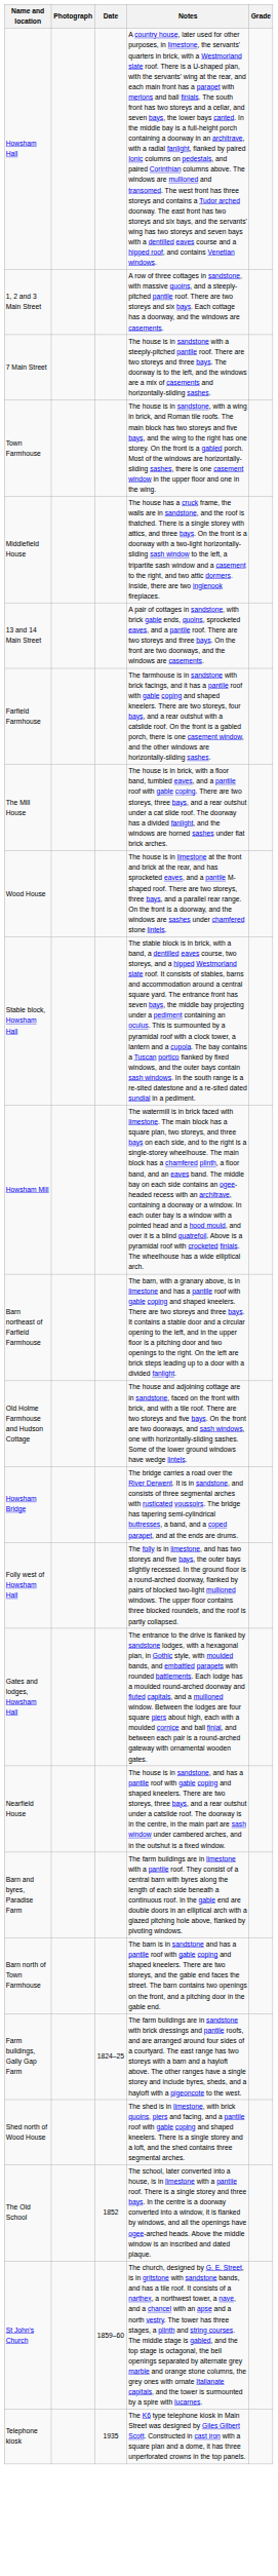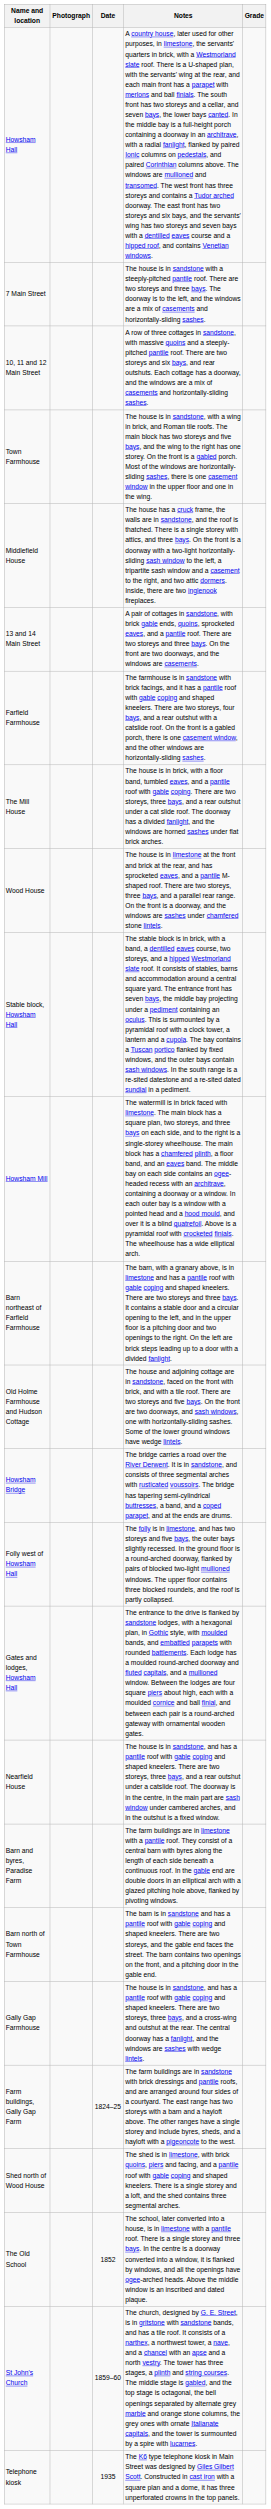 <table class="wikitable sortable plainrowheaders" style="width:100%; border:0px; text-align:left; line-height:150%">
 <tr>
 <th scope="col" style="width:150px">Name and location</th>
 <th scope="col" style="width:100px" class="unsortable">Photograph</th>
 <th scope="col" style="width:120px">Date</th>
 <th scope="col" style="width:650px" class="unsortable">Notes</th>
 <th scope="col" style="width:50px">Grade</th>
 </tr>
 <tr>
 <td><a href='#'>Howsham Hall</a><br><small></small></td>
 <td></td>
 <td align="center"></td>
 <td>A <a href='#'>country house</a>, later used for other purposes, in <a href='#'>limestone</a>, the servants' quarters in brick, with a <a href='#'>Westmorland</a> <a href='#'>slate</a> roof. There is a U-shaped plan, with the servants' wing at the rear, and each main front has a <a href='#'>parapet</a> with <a href='#'>merlons</a> and ball <a href='#'>finials</a>. The south front has two storeys and a cellar, and seven <a href='#'>bays</a>, the lower bays <a href='#'>canted</a>. In the middle bay is a full-height porch containing a doorway in an <a href='#'>architrave</a>, with a radial <a href='#'>fanlight</a>, flanked by paired <a href='#'>Ionic</a> columns on <a href='#'>pedestals</a>, and paired <a href='#'>Corinthian</a> columns above. The windows are <a href='#'>mullioned</a> and <a href='#'>transomed</a>. The west front has three storeys and contains a <a href='#'>Tudor arched</a> doorway. The east front has two storeys and six bays, and the servants' wing has two storeys and seven bays with a <a href='#'>dentilled</a> <a href='#'>eaves</a> course and a <a href='#'>hipped roof</a>, and contains <a href='#'>Venetian windows</a>.</td>
 <td align="center" ></td>
 </tr>
 <tr>
-<td>1, 2 and 3 Main Street<br><small></small></td>
-<td></td>
-<td align="center"></td>
-<td>A row of three cottages in <a href='#'>sandstone</a>, with massive <a href='#'>quoins</a>, and a steeply-pitched <a href='#'>pantile</a> roof. There are two storeys and six <a href='#'>bays</a>. Each cottage has a doorway, and the windows are <a href='#'>casements</a>.</td>
-<td align="center" ></td>
-</tr>
-<tr>
 <td>7 Main Street<br><small></small></td>
 <td></td>
 <td align="center"></td>
 <td>The house is in <a href='#'>sandstone</a> with a steeply-pitched <a href='#'>pantile</a> roof. There are two storeys and three <a href='#'>bays</a>. The doorway is to the left, and the windows are a mix of <a href='#'>casements</a> and horizontally-sliding <a href='#'>sashes</a>.</td>
+<td align="center" ></td>
+</tr>
+<tr>
+<td>10, 11 and 12 Main Street<br><small></small></td>
+<td></td>
+<td align="center"></td>
+<td>A row of three cottages in <a href='#'>sandstone</a>, with massive <a href='#'>quoins</a> and a steeply-pitched <a href='#'>pantile</a> roof. There are two storeys and six <a href='#'>bays</a>, and rear outshuts. Each cottage has a doorway, and the windows are a mix of <a href='#'>casements</a> and horizontally-sliding <a href='#'>sashes</a>.</td>
 <td align="center" ></td>
 </tr>
 <tr>
 <td>Town Farmhouse<br><small></small></td>
 <td></td>
 <td align="center"></td>
 <td>The house is in <a href='#'>sandstone</a>, with a wing in brick, and Roman tile roofs. The main block has two storeys and five <a href='#'>bays</a>, and the wing to the right has one storey. On the front is a <a href='#'>gabled</a> porch. Most of the windows are horizontally-sliding <a href='#'>sashes</a>, there is one <a href='#'>casement window</a> in the upper floor and one in the wing.</td>
 <td align="center" ></td>
 </tr>
 <tr>
 <td>Middlefield House<br><small></small></td>
 <td></td>
 <td align="center"></td>
 <td>The house has a <a href='#'>cruck</a> frame, the walls are in <a href='#'>sandstone</a>, and the roof is thatched. There is a single storey with attics, and three <a href='#'>bays</a>. On the front is a doorway with a two-light horizontally-sliding <a href='#'>sash window</a> to the left, a tripartite sash window and a <a href='#'>casement</a> to the right, and two attic <a href='#'>dormers</a>. Inside, there are two <a href='#'>inglenook</a> fireplaces.</td>
 <td align="center" ></td>
 </tr>
 <tr>
 <td>13 and 14 Main Street<br><small></small></td>
 <td></td>
 <td align="center"></td>
 <td>A pair of cottages in <a href='#'>sandstone</a>, with brick <a href='#'>gable</a> ends, <a href='#'>quoins</a>, sprocketed <a href='#'>eaves</a>, and a <a href='#'>pantile</a> roof. There are two storeys and three <a href='#'>bays</a>. On the front are two doorways, and the windows are <a href='#'>casements</a>.</td>
 <td align="center" ></td>
 </tr>
 <tr>
 <td>Farfield Farmhouse<br><small></small></td>
 <td></td>
 <td align="center"></td>
 <td>The farmhouse is in <a href='#'>sandstone</a> with brick facings, and it has a <a href='#'>pantile</a> roof with <a href='#'>gable</a> <a href='#'>coping</a> and shaped kneelers. There are two storeys, four <a href='#'>bays</a>, and a rear outshut with a catslide roof. On the front is a gabled porch, there is one <a href='#'>casement window</a>, and the other windows are horizontally-sliding <a href='#'>sashes</a>.</td>
 <td align="center" ></td>
 </tr>
 <tr>
 <td>The Mill House<br><small></small></td>
 <td></td>
 <td align="center"></td>
 <td>The house is in brick, with a floor band, tumbled <a href='#'>eaves</a>, and a <a href='#'>pantile</a> roof with <a href='#'>gable</a> <a href='#'>coping</a>. There are two storeys, three <a href='#'>bays</a>, and a rear outshut under a cat slide roof. The doorway has a divided <a href='#'>fanlight</a>, and the windows are horned <a href='#'>sashes</a> under flat brick arches.</td>
 <td align="center" ></td>
 </tr>
 <tr>
 <td>Wood House<br><small></small></td>
 <td></td>
 <td align="center"></td>
 <td>The house is in <a href='#'>limestone</a> at the front and brick at the rear, and has sprocketed <a href='#'>eaves</a>, and a <a href='#'>pantile</a> M-shaped roof. There are two storeys, three <a href='#'>bays</a>, and a parallel rear range. On the front is a doorway, and the windows are <a href='#'>sashes</a> under <a href='#'>chamfered</a> stone <a href='#'>lintels</a>.</td>
 <td align="center" ></td>
 </tr>
 <tr>
 <td>Stable block, <a href='#'>Howsham Hall</a><br><small></small></td>
 <td></td>
 <td align="center"></td>
 <td>The stable block is in brick, with a band, a <a href='#'>dentilled</a> <a href='#'>eaves</a> course, two storeys, and a <a href='#'>hipped</a> <a href='#'>Westmorland</a> <a href='#'>slate</a> roof. It consists of stables, barns and accommodation around a central square yard. The entrance front has seven <a href='#'>bays</a>, the middle bay projecting under a <a href='#'>pediment</a> containing an <a href='#'>oculus</a>. This is surmounted by a pyramidal roof with a clock tower, a lantern and a <a href='#'>cupola</a>. The bay contains a <a href='#'>Tuscan</a> <a href='#'>portico</a> flanked by fixed windows, and the outer bays contain <a href='#'>sash windows</a>. In the south range is a re-sited datestone and a re-sited dated <a href='#'>sundial</a> in a pediment.</td>
 <td align="center" ></td>
 </tr>
 <tr>
 <td><a href='#'>Howsham Mill</a><br><small></small></td>
 <td></td>
 <td align="center"></td>
 <td>The watermill is in brick faced with <a href='#'>limestone</a>. The main block has a square plan, two storeys, and three <a href='#'>bays</a> on each side, and to the right is a single-storey wheelhouse. The main block has a <a href='#'>chamfered</a> <a href='#'>plinth</a>, a floor band, and an <a href='#'>eaves</a> band. The middle bay on each side contains an <a href='#'>ogee</a>-headed recess with an <a href='#'>architrave</a>, containing a doorway or a window. In each outer bay is a window with a pointed head and a <a href='#'>hood mould</a>, and over it is a blind <a href='#'>quatrefoil</a>. Above is a pyramidal roof with <a href='#'>crocketed</a> <a href='#'>finials</a>. The wheelhouse has a wide elliptical arch.</td>
 <td align="center" ></td>
 </tr>
 <tr>
 <td>Barn northeast of Farfield Farmhouse<br><small></small></td>
 <td></td>
 <td align="center"></td>
 <td>The barn, with a granary above, is in <a href='#'>limestone</a> and has a <a href='#'>pantile</a> roof with <a href='#'>gable</a> <a href='#'>coping</a> and shaped kneelers. There are two storeys and three <a href='#'>bays</a>. It contains a stable door and a circular opening to the left, and in the upper floor is a pitching door and two openings to the right. On the left are brick steps leading up to a door with a divided <a href='#'>fanlight</a>.</td>
 <td align="center" ></td>
 </tr>
 <tr>
 <td>Old Holme Farmhouse and Hudson Cottage<br><small></small></td>
 <td></td>
 <td align="center"></td>
 <td>The house and adjoining cottage are in <a href='#'>sandstone</a>, faced on the front with brick, and with a tile roof. There are two storeys and five <a href='#'>bays</a>. On the front are two doorways, and <a href='#'>sash windows</a>, one with horizontally-sliding sashes. Some of the lower ground windows have wedge <a href='#'>lintels</a>.</td>
 <td align="center" ></td>
 </tr>
 <tr>
 <td><a href='#'>Howsham Bridge</a><br><small></small></td>
 <td></td>
 <td align="center"></td>
 <td>The bridge carries a road over the <a href='#'>River Derwent</a>. It is in <a href='#'>sandstone</a>, and consists of three segmental arches with <a href='#'>rusticated</a> <a href='#'>voussoirs</a>. The bridge has tapering semi-cylindrical <a href='#'>buttresses</a>, a band, and a <a href='#'>coped</a> <a href='#'>parapet</a>, and at the ends are drums.</td>
 <td align="center" ></td>
 </tr>
 <tr>
 <td>Folly west of <a href='#'>Howsham Hall</a><br><small></small></td>
 <td></td>
 <td align="center"></td>
 <td>The <a href='#'>folly</a> is in <a href='#'>limestone</a>, and has two storeys and five <a href='#'>bays</a>, the outer bays slightly recessed. In the ground floor is a round-arched doorway, flanked by pairs of blocked two-light <a href='#'>mullioned</a> windows. The upper floor contains three blocked roundels, and the roof is partly collapsed.</td>
 <td align="center" ></td>
 </tr>
 <tr>
 <td>Gates and lodges, <a href='#'>Howsham Hall</a><br><small></small></td>
 <td></td>
 <td align="center"></td>
 <td>The entrance to the drive is flanked by <a href='#'>sandstone</a> lodges, with a hexagonal plan, in <a href='#'>Gothic</a> style, with <a href='#'>moulded</a> bands, and <a href='#'>embattled</a> <a href='#'>parapets</a> with rounded <a href='#'>battlements</a>. Each lodge has a moulded round-arched doorway and <a href='#'>fluted</a> <a href='#'>capitals</a>, and a <a href='#'>mullioned</a> window. Between the lodges are four square <a href='#'>piers</a> about  high, each with a moulded <a href='#'>cornice</a> and ball <a href='#'>finial</a>, and between each pair is a round-arched gateway with ornamental wooden gates.</td>
 <td align="center" ></td>
 </tr>
 <tr>
 <td>Nearfield House<br><small></small></td>
 <td></td>
 <td align="center"></td>
 <td>The house is in <a href='#'>sandstone</a>, and has a <a href='#'>pantile</a> roof with <a href='#'>gable</a> <a href='#'>coping</a> and shaped kneelers. There are two storeys, three <a href='#'>bays</a>, and a rear outshut under a catslide roof. The doorway is in the centre, in the main part are <a href='#'>sash window</a> under cambered arches, and in the outshut is a fixed window.</td>
 <td align="center" ></td>
 </tr>
 <tr>
 <td>Barn and byres, Paradise Farm<br><small></small></td>
 <td></td>
 <td align="center"></td>
 <td>The farm buildings are in <a href='#'>limestone</a> with a <a href='#'>pantile</a> roof. They consist of a central barn with byres along the length of each side beneath a continuous roof. In the <a href='#'>gable</a> end are double doors in an elliptical arch with a glazed pitching hole above, flanked by pivoting windows.</td>
 <td align="center" ></td>
 </tr>
 <tr>
 <td>Barn north of Town Farmhouse<br><small></small></td>
 <td></td>
 <td align="center"></td>
 <td>The barn is in <a href='#'>sandstone</a> and has a <a href='#'>pantile</a> roof with <a href='#'>gable</a> <a href='#'>coping</a> and shaped kneelers. There are two storeys, and the gable end faces the street. The barn contains two openings on the front, and a pitching door in the gable end.</td>
 <td align="center" ></td>
 </tr>
 <tr>
+<td>Gally Gap Farmhouse<br><small></small></td>
+<td></td>
+<td align="center"></td>
+<td>The house is in <a href='#'>sandstone</a>, and has a <a href='#'>pantile</a> roof with <a href='#'>gable</a> <a href='#'>coping</a> and shaped kneelers. There are two storeys, three <a href='#'>bays</a>, and a cross-wing and outshut at the rear. The central doorway has a <a href='#'>fanlight</a>, and the windows are <a href='#'>sashes</a> with wedge <a href='#'>lintels</a>.</td>
+<td align="center" ></td>
+</tr>
+<tr>
 <td>Farm buildings, Gally Gap Farm<br><small></small></td>
 <td></td>
 <td align="center">1824–25</td>
 <td>The farm buildings are in <a href='#'>sandstone</a> with brick dressings and <a href='#'>pantile</a> roofs, and are arranged around four sides of a courtyard. The east range has two storeys with a barn and a hayloft above. The other ranges have a single storey and include byres, sheds, and a hayloft with a <a href='#'>pigeoncote</a> to the west.</td>
 <td align="center" ></td>
 </tr>
 <tr>
 <td>Shed north of Wood House<br><small></small></td>
 <td></td>
 <td align="center"></td>
 <td>The shed is in <a href='#'>limestone</a>, with brick <a href='#'>quoins</a>, <a href='#'>piers</a> and facing, and a <a href='#'>pantile</a> roof with <a href='#'>gable</a> <a href='#'>coping</a> and shaped kneelers. There is a single storey and a loft, and the shed contains three segmental arches.</td>
 <td align="center" ></td>
 </tr>
 <tr>
 <td>The Old School<br><small></small></td>
 <td></td>
 <td align="center">1852</td>
 <td>The school, later converted into a house, is in <a href='#'>limestone</a> with a <a href='#'>pantile</a> roof. There is a single storey and three <a href='#'>bays</a>. In the centre is a doorway converted into a window, it is flanked by windows, and all the openings have <a href='#'>ogee</a>-arched heads. Above the middle window is an inscribed and dated plaque.</td>
 <td align="center" ></td>
 </tr>
 <tr>
 <td><a href='#'>St John's Church</a><br><small></small></td>
 <td></td>
 <td align="center">1859–60</td>
 <td>The church, designed by <a href='#'>G. E. Street</a>, is in <a href='#'>gritstone</a> with <a href='#'>sandstone</a> bands, and has a tile roof. It consists of a <a href='#'>narthex</a>, a northwest tower, a <a href='#'>nave</a>, and a <a href='#'>chancel</a> with an <a href='#'>apse</a> and a north <a href='#'>vestry</a>. The tower has three stages, a <a href='#'>plinth</a> and <a href='#'>string courses</a>. The middle stage is <a href='#'>gabled</a>, and the top stage is octagonal, the bell openings separated by alternate grey <a href='#'>marble</a> and orange stone columns, the grey ones with ornate <a href='#'>Italianate</a> <a href='#'>capitals</a>, and the tower is surmounted by a spire with <a href='#'>lucarnes</a>.</td>
 <td align="center" ></td>
 </tr>
 <tr>
 <td>Telephone kiosk<br><small></small></td>
 <td></td>
 <td align="center">1935</td>
 <td>The <a href='#'>K6</a> type telephone kiosk in Main Street was designed by <a href='#'>Giles Gilbert Scott</a>. Constructed in <a href='#'>cast iron</a> with a square plan and a dome, it has three unperforated crowns in the top panels.</td>
 <td align="center" ></td>
 </tr>
 <tr>
 </tr>
 </table>
